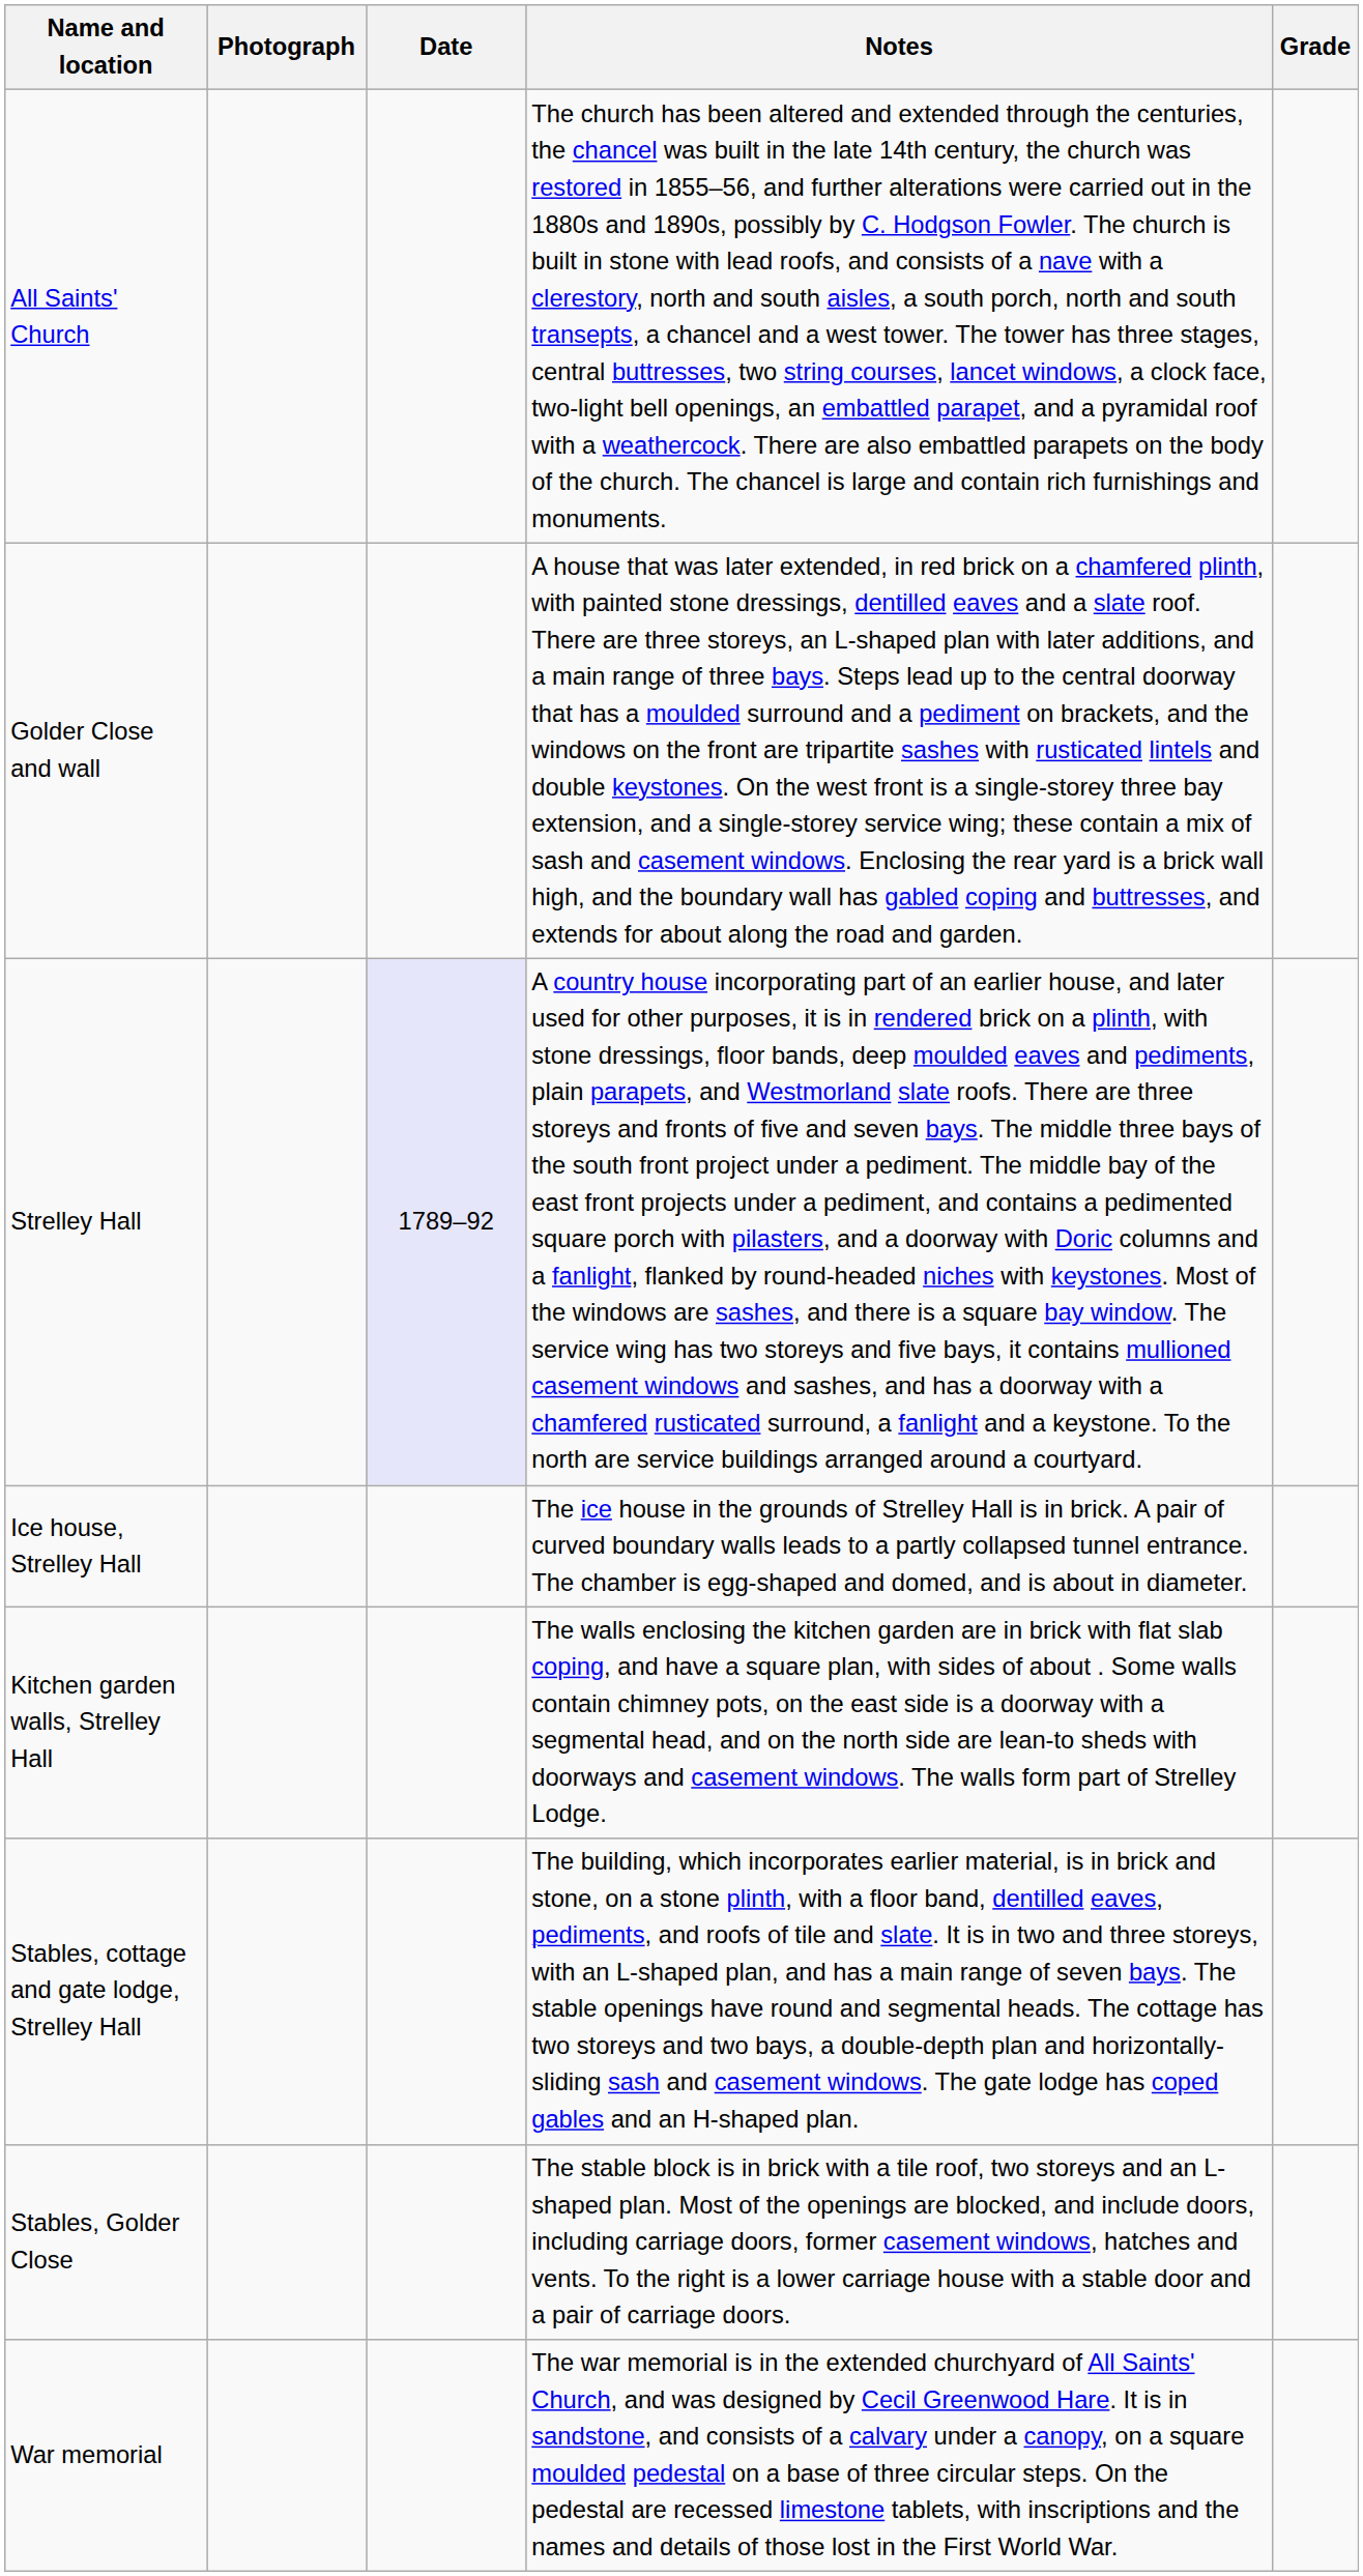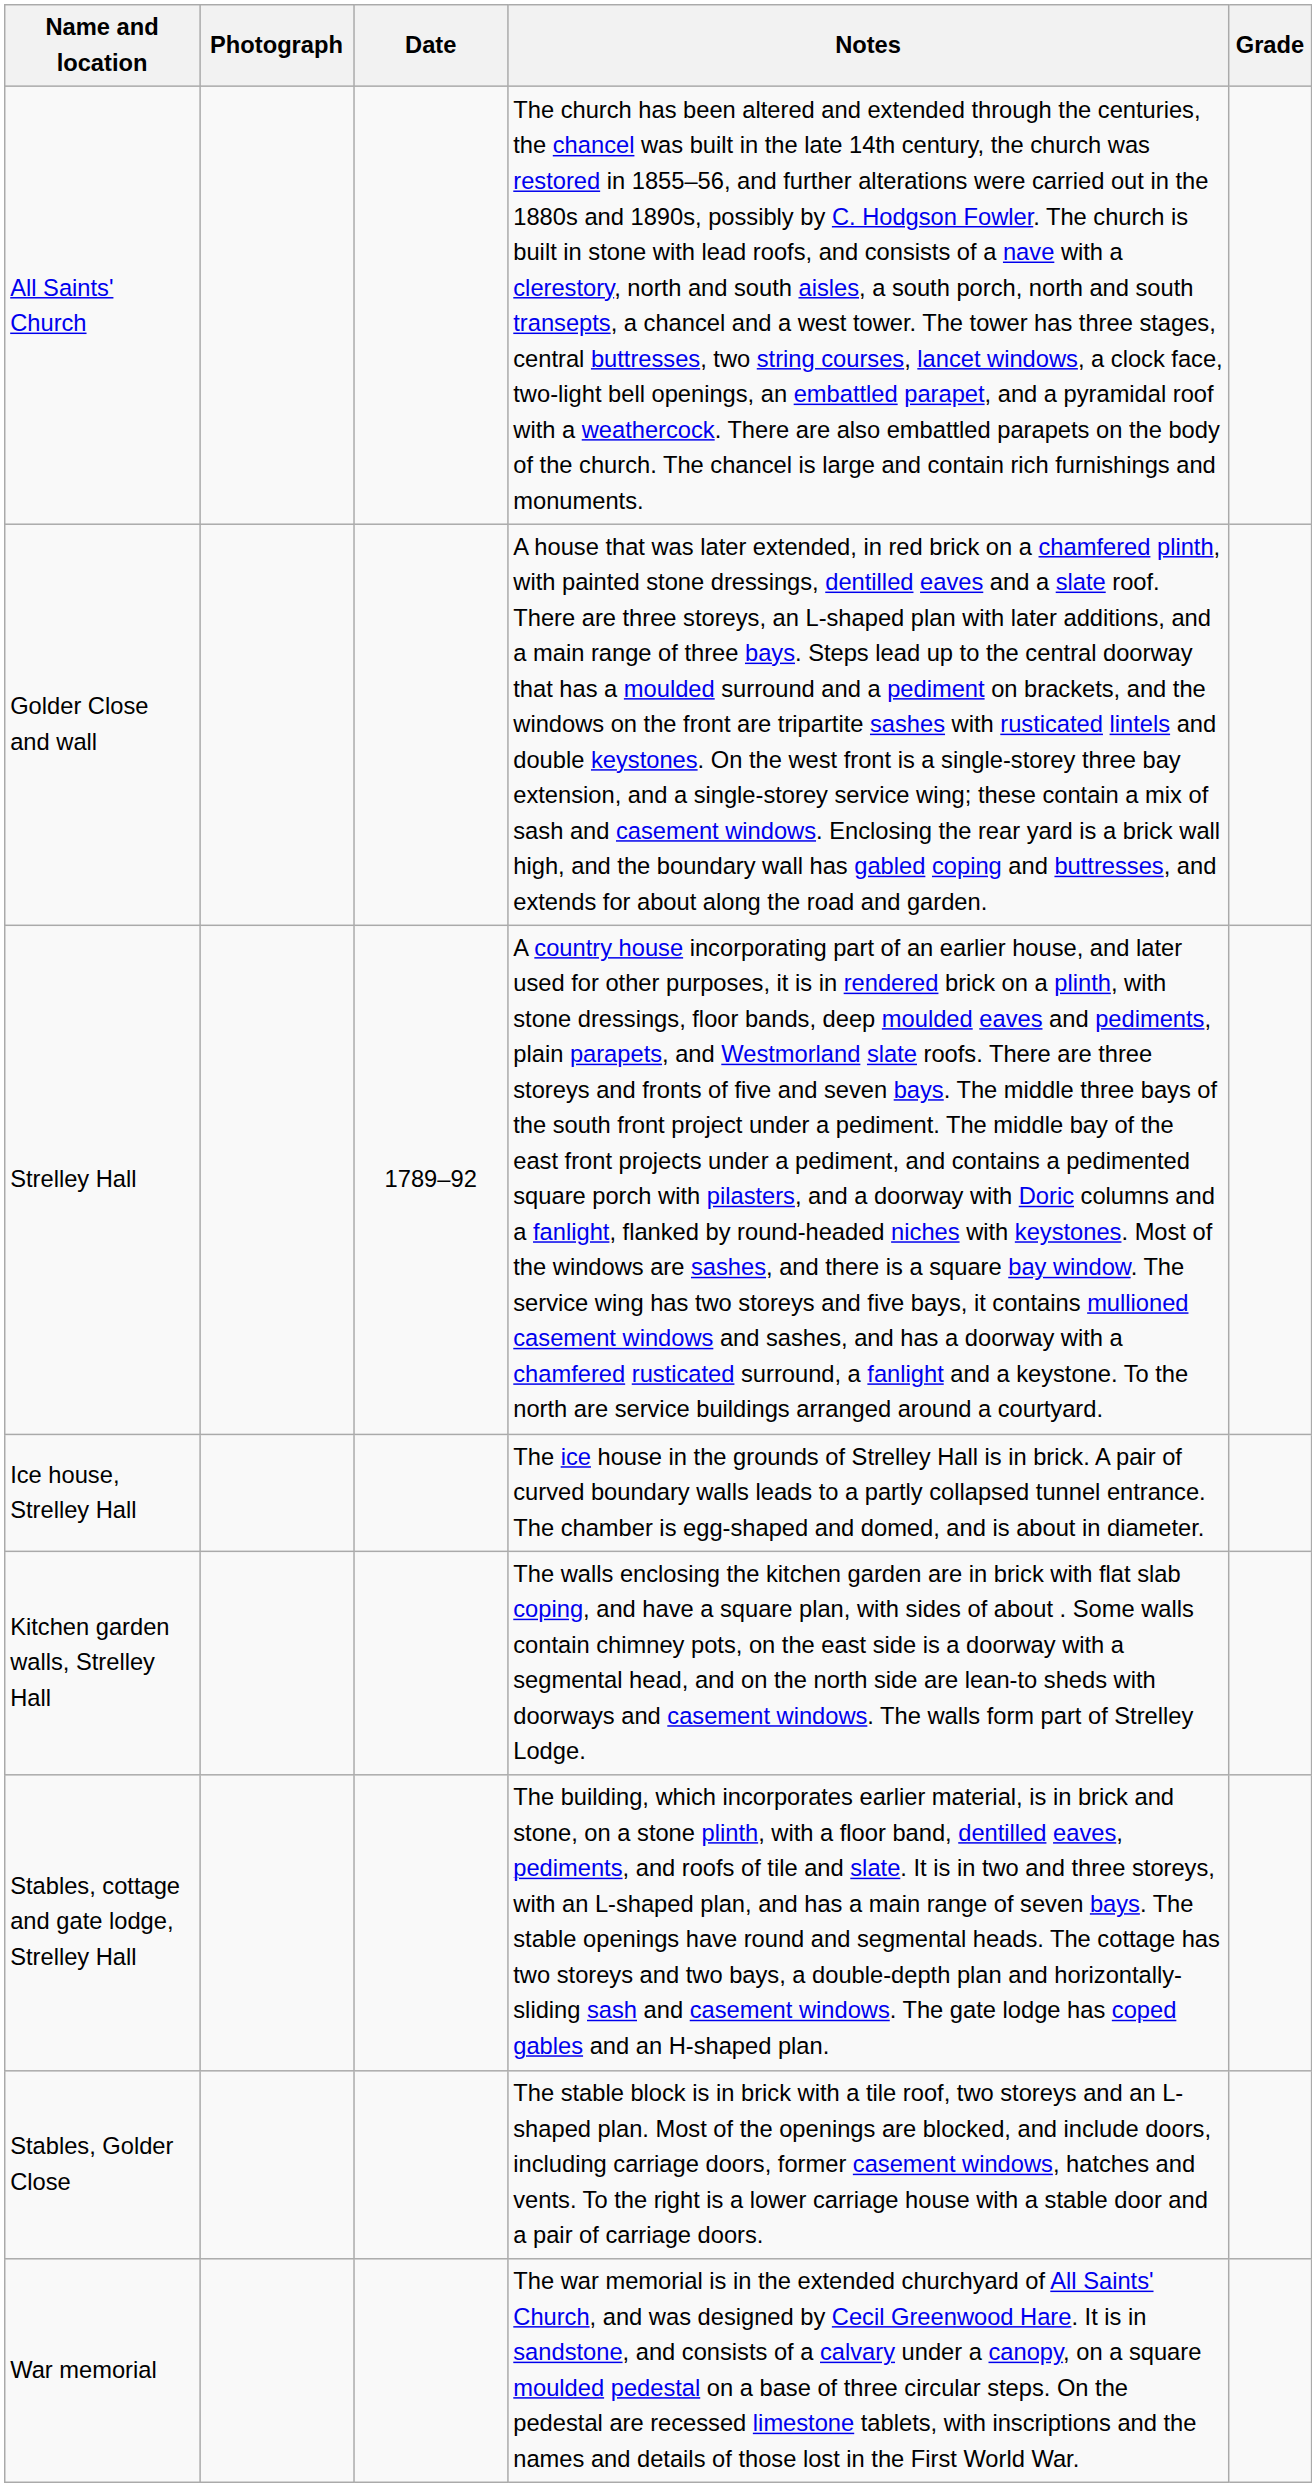 <table class="wikitable sortable plainrowheaders" style="width:100%; border:0px; text-align:left; line-height:150%">
 <tr>
 <th scope="col"  style="width:150px">Name and location</th>
 <th scope="col"  style="width:100px" class="unsortable">Photograph</th>
 <th scope="col"  style="width:120px">Date</th>
 <th scope="col"  style="width:650px" class="unsortable">Notes</th>
 <th scope="col"  style="width:50px">Grade</th>
 </tr>
 <tr>
 <td><a href='#'>All Saints' Church</a><br><small></small></td>
 <td></td>
 <td align="center"></td>
 <td>The church has been altered and extended through the centuries, the <a href='#'>chancel</a> was built in the late 14th century, the church was <a href='#'>restored</a> in 1855–56, and further alterations were carried out in the 1880s and 1890s, possibly by <a href='#'>C. Hodgson Fowler</a>.  The church is built in stone with lead roofs, and consists of a <a href='#'>nave</a> with a <a href='#'>clerestory</a>, north and south <a href='#'>aisles</a>, a south porch, north and south <a href='#'>transepts</a>, a chancel and a west tower.  The tower has three stages, central <a href='#'>buttresses</a>, two <a href='#'>string courses</a>, <a href='#'>lancet windows</a>, a clock face, two-light bell openings, an <a href='#'>embattled</a> <a href='#'>parapet</a>, and a pyramidal roof with a <a href='#'>weathercock</a>.  There are also embattled parapets on the body of the church.  The chancel is large and contain rich furnishings and monuments.</td>
 <td align="center" ></td>
 </tr>
 <tr>
 <td>Golder Close and wall<br><small></small></td>
 <td></td>
 <td align="center"></td>
 <td>A house that was later extended, in red brick on a <a href='#'>chamfered</a> <a href='#'>plinth</a>, with painted stone dressings, <a href='#'>dentilled</a> <a href='#'>eaves</a> and a <a href='#'>slate</a> roof.  There are three storeys, an L-shaped plan with later additions, and a main range of three <a href='#'>bays</a>.  Steps lead up to the central doorway that has a <a href='#'>moulded</a> surround and a <a href='#'>pediment</a> on brackets, and the windows on the front are tripartite <a href='#'>sashes</a> with <a href='#'>rusticated</a> <a href='#'>lintels</a> and double <a href='#'>keystones</a>.  On the west front is a single-storey three bay extension, and a single-storey service wing; these contain a mix of sash and <a href='#'>casement windows</a>.  Enclosing the rear yard is a brick wall  high, and the boundary wall has <a href='#'>gabled</a> <a href='#'>coping</a> and <a href='#'>buttresses</a>, and extends for about  along the road and garden.</td>
 <td align="center" ></td>
 </tr>
 <tr>
 <td>Strelley Hall<br><small></small></td>
 <td></td>
-<td align="center" style="background: lavender;">1789–92</td>
+<td align="center">1789–92</td>
 <td>A <a href='#'>country house</a> incorporating part of an earlier house, and later used for other purposes, it is in <a href='#'>rendered</a> brick on a <a href='#'>plinth</a>, with stone dressings, floor bands, deep <a href='#'>moulded</a> <a href='#'>eaves</a> and <a href='#'>pediments</a>, plain <a href='#'>parapets</a>, and <a href='#'>Westmorland</a> <a href='#'>slate</a> roofs.  There are three storeys and fronts of five and seven <a href='#'>bays</a>.  The middle three bays of the south front project under a pediment.  The middle bay of the east front projects under a pediment, and contains a pedimented square porch with <a href='#'>pilasters</a>, and a doorway with <a href='#'>Doric</a> columns and a <a href='#'>fanlight</a>, flanked by round-headed <a href='#'>niches</a> with <a href='#'>keystones</a>.  Most of the windows are <a href='#'>sashes</a>, and there is a square <a href='#'>bay window</a>.  The service wing has two storeys and five bays, it contains <a href='#'>mullioned</a> <a href='#'>casement windows</a> and sashes, and has a doorway with a <a href='#'>chamfered</a> <a href='#'>rusticated</a> surround, a <a href='#'>fanlight</a> and a keystone.  To the north are service buildings arranged around a courtyard.</td>
 <td align="center" ></td>
 </tr>
 <tr>
 <td>Ice house, Strelley Hall<br><small></small></td>
 <td></td>
 <td align="center"></td>
 <td>The <a href='#'>ice</a> house in the grounds of Strelley Hall is in brick.  A pair of curved boundary walls leads to a partly collapsed tunnel entrance. The chamber is egg-shaped and domed, and is about  in diameter.</td>
 <td align="center" ></td>
 </tr>
 <tr>
 <td>Kitchen garden walls, Strelley Hall<br><small></small></td>
 <td></td>
 <td align="center"></td>
 <td>The walls enclosing the kitchen garden are in brick with flat slab <a href='#'>coping</a>, and have a square plan, with sides of about .  Some walls contain chimney pots, on the east side is a doorway with a segmental head, and on the north side are lean-to sheds with doorways and <a href='#'>casement windows</a>.  The walls form part of Strelley Lodge.</td>
 <td align="center" ></td>
 </tr>
 <tr>
 <td>Stables, cottage and gate lodge,<br>Strelley Hall<br><small></small></td>
 <td></td>
 <td align="center"></td>
 <td>The building, which incorporates earlier material, is in brick and stone, on a stone <a href='#'>plinth</a>, with a floor band, <a href='#'>dentilled</a> <a href='#'>eaves</a>, <a href='#'>pediments</a>, and roofs of tile and <a href='#'>slate</a>.  It is in two and three storeys, with an L-shaped plan, and has a main range of seven <a href='#'>bays</a>.  The stable openings have round and segmental heads.  The cottage has two storeys and two bays, a double-depth plan and horizontally-sliding <a href='#'>sash</a> and <a href='#'>casement windows</a>.  The gate lodge has <a href='#'>coped</a> <a href='#'>gables</a> and an H-shaped plan.</td>
 <td align="center" ></td>
 </tr>
 <tr>
 <td>Stables, Golder Close<br><small></small></td>
 <td></td>
 <td align="center"></td>
 <td>The stable block is in brick with a tile roof, two storeys and an L-shaped plan.  Most of the openings are blocked, and include doors, including carriage doors, former <a href='#'>casement windows</a>, hatches and vents.  To the right is a lower carriage house with a stable door and a pair of carriage doors.</td>
 <td align="center" ></td>
 </tr>
 <tr>
 <td>War memorial<br><small></small></td>
 <td></td>
 <td align="center"></td>
 <td>The war memorial is in the extended churchyard of <a href='#'>All Saints' Church</a>, and was designed by <a href='#'>Cecil Greenwood Hare</a>.  It is in <a href='#'>sandstone</a>, and consists of a <a href='#'>calvary</a> under a <a href='#'>canopy</a>, on a square <a href='#'>moulded</a> <a href='#'>pedestal</a> on a base of three circular steps.  On the pedestal are recessed <a href='#'>limestone</a> tablets, with inscriptions and the names and details of those lost in the First World War.</td>
 <td align="center" ></td>
 </tr>
 <tr>
 </tr>
 </table>
